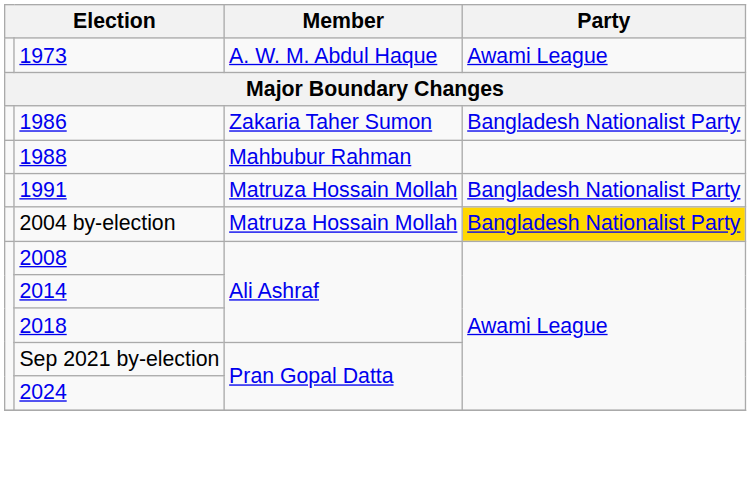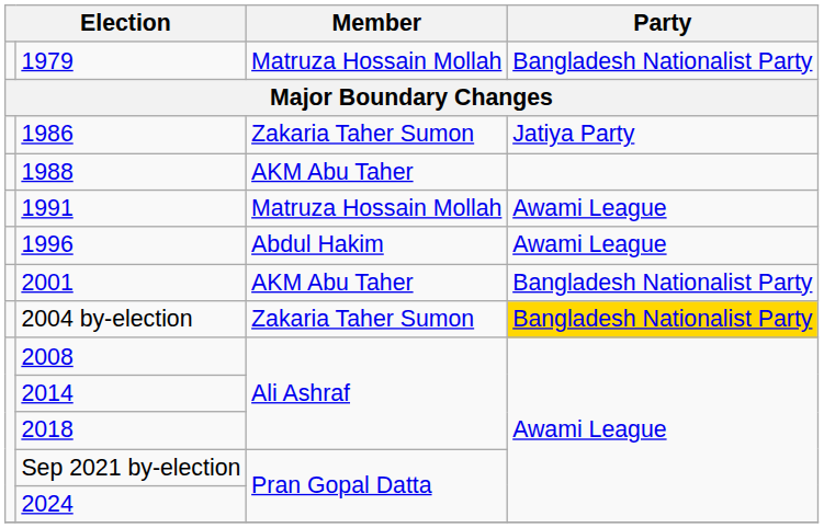 <table class="wikitable">
 <tr>
 <th colspan="2">Election</th>
 <th>Member</th>
 <th>Party</th>
 </tr>
 <tr>
 <td style="background-color:"></td>
-<td><a href='#'>1973</a></td>
-<td><a href='#'>A. W. M. Abdul Haque</a></td>
-<td><a href='#'>Awami League</a></td>
+<td><a href='#'>1979</a></td>
+<td><a href='#'>Matruza Hossain Mollah</a></td>
+<td><a href='#'>Bangladesh Nationalist Party</a></td>
 </tr>
 <tr>
 <th colspan="4">Major Boundary Changes</th>
 </tr>
 <tr>
 <td style="background-color:"></td>
 <td><a href='#'>1986</a></td>
 <td><a href='#'>Zakaria Taher Sumon</a></td>
-<td><a href='#'>Bangladesh Nationalist Party</a></td>
+<td><a href='#'>Jatiya Party</a></td>
 </tr>
 <tr>
 <td style="background-color:"></td>
 <td><a href='#'>1988</a></td>
-<td><a href='#'>Mahbubur Rahman</a></td>
+<td><a href='#'>AKM Abu Taher</a></td>
 <td></td>
 </tr>
 <tr>
 <td style="background-color:"></td>
 <td><a href='#'>1991</a></td>
 <td><a href='#'>Matruza Hossain Mollah</a></td>
+<td><a href='#'>Awami League</a></td>
+</tr>
+<tr>
+<td style="background-color:"></td>
+<td><a href='#'>1996</a></td>
+<td><a href='#'>Abdul Hakim</a></td>
+<td><a href='#'>Awami League</a></td>
+</tr>
+<tr>
+<td style="background-color:"></td>
+<td><a href='#'>2001</a></td>
+<td><a href='#'>AKM Abu Taher</a></td>
 <td><a href='#'>Bangladesh Nationalist Party</a></td>
 </tr>
 <tr>
 <td style="background-color:"></td>
 <td>2004 by-election</td>
-<td><a href='#'>Matruza Hossain Mollah</a></td>
+<td><a href='#'>Zakaria Taher Sumon</a></td>
 <td style="background: gold;"><a href='#'>Bangladesh Nationalist Party</a></td>
 </tr>
 <tr>
 <td rowspan="5" style="background-color:"></td>
 <td><a href='#'>2008</a></td>
 <td rowspan="3"><a href='#'>Ali Ashraf</a></td>
 <td rowspan="5"><a href='#'>Awami League</a></td>
 </tr>
 <tr>
 <td><a href='#'>2014</a></td>
 </tr>
 <tr>
 <td><a href='#'>2018</a></td>
 </tr>
 <tr>
 <td>Sep 2021 by-election</td>
 <td rowspan="2"><a href='#'>Pran Gopal Datta</a></td>
 </tr>
 <tr>
 <td><a href='#'>2024</a></td>
 </tr>
 <tr>
 </tr>
 </table>
